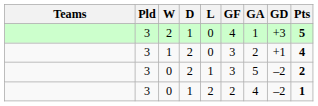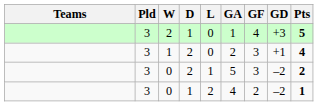 <table class="wikitable" style="text-align: center;">
 <tr>
 <th width=165>Teams</th>
 <th width=20>Pld</th>
 <th width=20>W</th>
 <th width=20>D</th>
 <th width=20>L</th>
+<th width=20>GA</th>
 <th width=20>GF</th>
-<th width=20>GA</th>
 <th width=20>GD</th>
 <th width=20>Pts</th>
 </tr>
 <tr align=center style="background:#ccffcc;">
 <td style="text-align:left;"></td>
 <td>3</td>
 <td>2</td>
 <td>1</td>
 <td>0</td>
+<td>1</td>
 <td>4</td>
-<td>1</td>
 <td>+3</td>
 <td><strong>5</strong></td>
 </tr>
 <tr align=center>
 <td style="text-align:left;"></td>
 <td>3</td>
 <td>1</td>
 <td>2</td>
 <td>0</td>
+<td>2</td>
 <td>3</td>
-<td>2</td>
 <td>+1</td>
 <td><strong>4</strong></td>
 </tr>
 <tr align=center>
 <td style="text-align:left;"></td>
 <td>3</td>
 <td>0</td>
 <td>2</td>
 <td>1</td>
+<td>5</td>
 <td>3</td>
-<td>5</td>
 <td>–2</td>
 <td><strong>2</strong></td>
 </tr>
 <tr align=center>
 <td style="text-align:left;"></td>
 <td>3</td>
 <td>0</td>
 <td>1</td>
 <td>2</td>
+<td>4</td>
 <td>2</td>
-<td>4</td>
 <td>–2</td>
 <td><strong>1</strong></td>
 </tr>
 </table>
